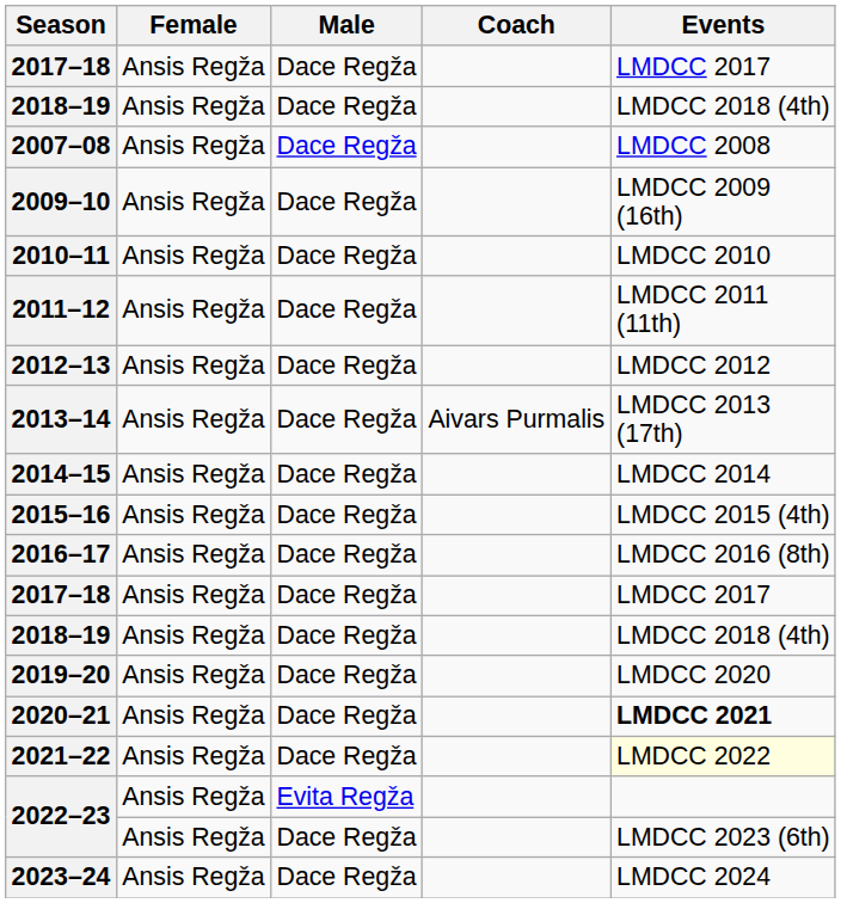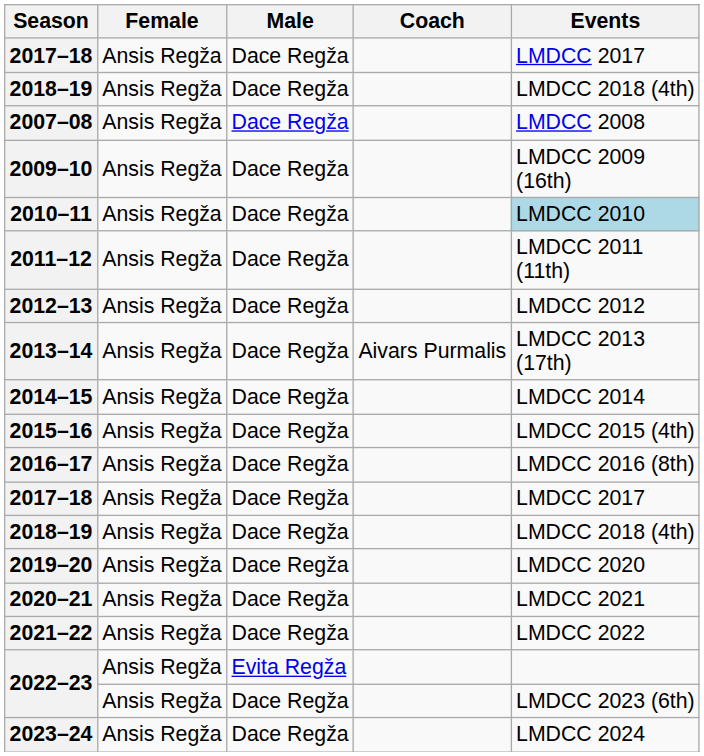 <table class="wikitable">
 <tr>
 <th scope="col">Season</th>
 <th scope="col">Female</th>
 <th scope="col">Male</th>
 <th scope="col">Coach</th>
 <th scope="col">Events</th>
 </tr>
 <tr>
 <th scope="row">2017–18</th>
 <td>Ansis Regža</td>
 <td>Dace Regža</td>
 <td></td>
 <td><a href='#'>LMDCC</a> 2017 </td>
 </tr>
 <tr>
 <th scope="row">2018–19</th>
 <td>Ansis Regža</td>
 <td>Dace Regža</td>
 <td></td>
 <td>LMDCC 2018 (4th)</td>
 </tr>
 <tr>
 <th scope="row">2007–08</th>
 <td>Ansis Regža</td>
 <td><a href='#'>Dace Regža</a></td>
 <td></td>
 <td><a href='#'>LMDCC</a> 2008 </td>
 </tr>
 <tr>
 <th scope="row">2009–10</th>
 <td>Ansis Regža</td>
 <td>Dace Regža</td>
 <td></td>
 <td>LMDCC 2009 <br> (16th)</td>
 </tr>
 <tr>
 <th scope="row">2010–11</th>
 <td>Ansis Regža</td>
 <td>Dace Regža</td>
 <td></td>
-<td>LMDCC 2010 </td>
+<td style="background: lightblue;">LMDCC 2010 </td>
 </tr>
 <tr>
 <th scope="row">2011–12</th>
 <td>Ansis Regža</td>
 <td>Dace Regža</td>
 <td></td>
 <td>LMDCC 2011 <br> (11th)</td>
 </tr>
 <tr>
 <th scope="row">2012–13</th>
 <td>Ansis Regža</td>
 <td>Dace Regža</td>
 <td></td>
 <td>LMDCC 2012 </td>
 </tr>
 <tr>
 <th scope="row">2013–14</th>
 <td>Ansis Regža</td>
 <td>Dace Regža</td>
 <td>Aivars Purmalis</td>
 <td>LMDCC 2013 <br> (17th)</td>
 </tr>
 <tr>
 <th scope="row">2014–15</th>
 <td>Ansis Regža</td>
 <td>Dace Regža</td>
 <td></td>
 <td>LMDCC 2014 </td>
 </tr>
 <tr>
 <th scope="row">2015–16</th>
 <td>Ansis Regža</td>
 <td>Dace Regža</td>
 <td></td>
 <td>LMDCC 2015 (4th)</td>
 </tr>
 <tr>
 <th scope="row">2016–17</th>
 <td>Ansis Regža</td>
 <td>Dace Regža</td>
 <td></td>
 <td>LMDCC 2016 (8th)</td>
 </tr>
 <tr>
 <th scope="row">2017–18</th>
 <td>Ansis Regža</td>
 <td>Dace Regža</td>
 <td></td>
 <td>LMDCC 2017 </td>
 </tr>
 <tr>
 <th scope="row">2018–19</th>
 <td>Ansis Regža</td>
 <td>Dace Regža</td>
 <td></td>
 <td>LMDCC 2018 (4th)</td>
 </tr>
 <tr>
 <th scope="row">2019–20</th>
 <td>Ansis Regža</td>
 <td>Dace Regža</td>
 <td></td>
 <td>LMDCC 2020 </td>
 </tr>
 <tr>
 <th scope="row">2020–21</th>
 <td>Ansis Regža</td>
 <td>Dace Regža</td>
 <td></td>
-<td><strong>LMDCC 2021 </strong></td>
+<td>LMDCC 2021 </td>
 </tr>
 <tr>
 <th scope="row">2021–22</th>
 <td>Ansis Regža</td>
 <td>Dace Regža</td>
 <td></td>
-<td style="background: lightyellow;">LMDCC 2022 </td>
+<td>LMDCC 2022 </td>
 </tr>
 <tr>
 <th scope="row" rowspan="2">2022–23</th>
 <td>Ansis Regža</td>
 <td><a href='#'>Evita Regža</a></td>
 <td></td>
 <td></td>
 </tr>
 <tr>
 <td>Ansis Regža</td>
 <td>Dace Regža</td>
 <td></td>
 <td>LMDCC 2023 (6th)</td>
 </tr>
 <tr>
 <th scope="row">2023–24</th>
 <td>Ansis Regža</td>
 <td>Dace Regža</td>
 <td></td>
 <td>LMDCC 2024 </td>
 </tr>
 </table>
